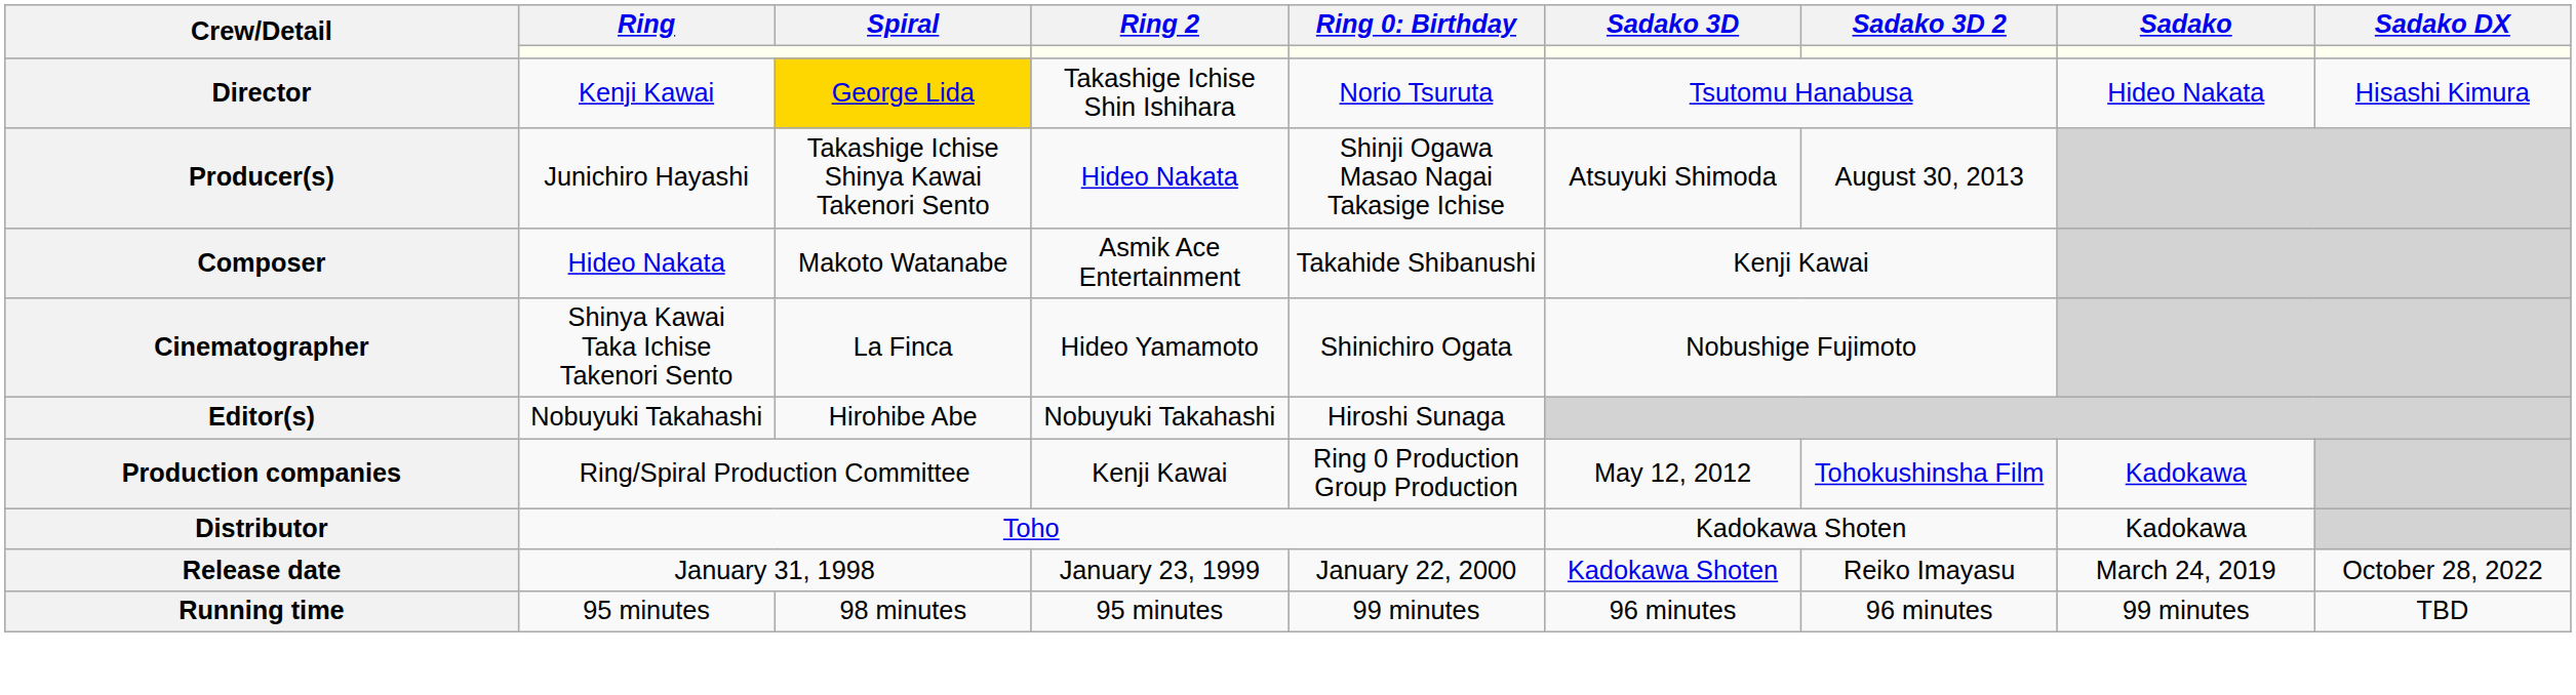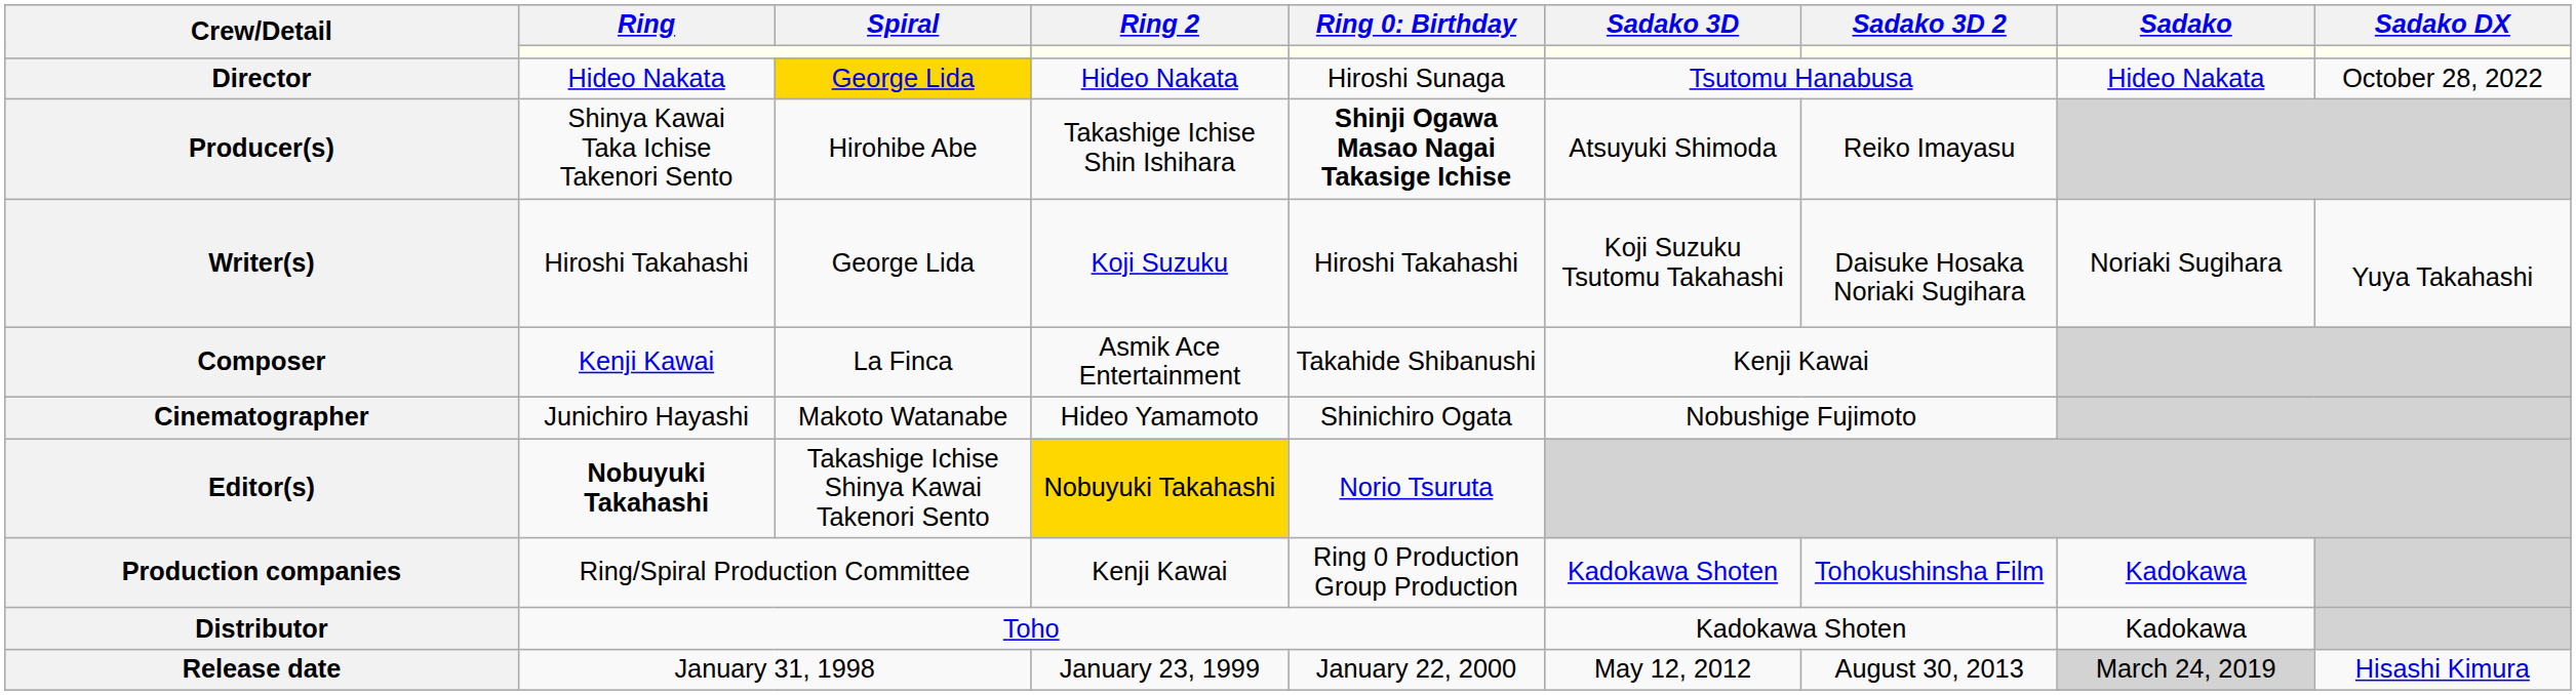 <table class="wikitable" style="text-align:center; width:100%">
 <tr>
 <th rowspan="2">Crew/Detail</th>
 <th style="width:10%;"><a href='#'><em>Ring</em></a></th>
 <th style="width:10%;"><a href='#'><em>Spiral</em></a></th>
 <th style="width:10%;"><em><a href='#'>Ring 2</a></em></th>
 <th style="width:10%;"><em><a href='#'>Ring 0: Birthday</a></em></th>
 <th style="width:10%;"><em><a href='#'>Sadako 3D</a></em></th>
 <th style="width:10%;"><em><a href='#'>Sadako 3D 2</a></em></th>
 <th style="width:10%;"><a href='#'><em>Sadako</em></a></th>
 <th style="width:10%;"><em><a href='#'>Sadako DX</a></em></th>
 </tr>
 <tr>
 <th colspan="2" style="background-color:ivory;"></th>
 <th style="background-color:ivory;"></th>
 <th style="background:ivory;"></th>
 <th style="background:ivory;"></th>
 <th style="background:ivory;"></th>
 <th style="background:ivory;"></th>
 <th style="background:ivory;"></th>
 </tr>
 <tr>
 <th>Director</th>
-<td align="center"><a href='#'>Kenji Kawai</a></td>
+<td align="center"><a href='#'>Hideo Nakata</a></td>
 <td align="center" style="background: gold;"><a href='#'>George Lida</a></td>
-<td>Takashige Ichise<br>Shin Ishihara</td>
-<td><a href='#'>Norio Tsuruta</a></td>
+<td align="center"><a href='#'>Hideo Nakata</a></td>
+<td>Hiroshi Sunaga</td>
 <td colspan="2"><a href='#'>Tsutomu Hanabusa</a></td>
 <td><a href='#'>Hideo Nakata</a></td>
-<td><a href='#'>Hisashi Kimura</a></td>
+<td>October 28, 2022</td>
 </tr>
 <tr>
 <th>Producer(s)</th>
-<td align="center">Junichiro Hayashi</td>
-<td>Takashige Ichise<br>Shinya Kawai<br>Takenori Sento</td>
-<td align="center"><a href='#'>Hideo Nakata</a></td>
-<td>Shinji Ogawa<br>Masao Nagai<br>Takasige Ichise</td>
+<td align="center">Shinya Kawai<br>Taka Ichise<br>Takenori Sento</td>
+<td align="center">Hirohibe Abe</td>
+<td>Takashige Ichise<br>Shin Ishihara</td>
+<td><strong>Shinji Ogawa<br>Masao Nagai<br>Takasige Ichise</strong></td>
 <td>Atsuyuki Shimoda</td>
-<td>August 30, 2013</td>
+<td>Reiko Imayasu</td>
 <td colspan="2" style="background:lightgrey;"> </td>
 </tr>
 <tr>
+<th>Writer(s)</th>
+<td align="center"><br>Hiroshi Takahashi<br><br></td>
+<td align="center"><br>George Lida<br><br></td>
+<td align="center"> <a href='#'>Koji Suzuku</a></td>
+<td><br>Hiroshi Takahashi<br><br></td>
+<td><br>Koji Suzuku<br>Tsutomu Takahashi<br><br></td>
+<td><br>Daisuke Hosaka<br>Noriaki Sugihara <br></td>
+<td><br>Noriaki Sugihara<br><br></td>
+<td><br>Yuya Takahashi</td>
+</tr>
+<tr>
 <th>Composer</th>
-<td align="center"><a href='#'>Hideo Nakata</a></td>
-<td align="center">Makoto Watanabe</td>
+<td align="center"><a href='#'>Kenji Kawai</a></td>
+<td align="center">La Finca</td>
 <td align="center">Asmik Ace Entertainment</td>
 <td>Takahide Shibanushi</td>
 <td colspan="2">Kenji Kawai</td>
 <td colspan="2" style="background:lightgrey;"> </td>
 </tr>
 <tr>
 <th>Cinematographer</th>
-<td align="center">Shinya Kawai<br>Taka Ichise<br>Takenori Sento</td>
-<td align="center">La Finca</td>
+<td align="center">Junichiro Hayashi</td>
+<td align="center">Makoto Watanabe</td>
 <td align="center">Hideo Yamamoto</td>
 <td>Shinichiro Ogata</td>
 <td colspan="2">Nobushige Fujimoto</td>
 <td colspan="2" style="background:lightgrey;"> </td>
 </tr>
 <tr>
 <th>Editor(s)</th>
-<td align="center">Nobuyuki Takahashi</td>
-<td align="center">Hirohibe Abe</td>
-<td align="center">Nobuyuki Takahashi</td>
-<td>Hiroshi Sunaga</td>
+<td align="center"><strong>Nobuyuki Takahashi</strong></td>
+<td>Takashige Ichise<br>Shinya Kawai<br>Takenori Sento</td>
+<td align="center" style="background: gold;">Nobuyuki Takahashi</td>
+<td><a href='#'>Norio Tsuruta</a></td>
 <td colspan="4" style="background:lightgrey;"> </td>
 </tr>
 <tr>
 <th>Production companies</th>
 <td colspan="2" align="center">Ring/Spiral Production Committee</td>
 <td align="center">Kenji Kawai</td>
 <td>Ring 0 Production Group Production</td>
-<td>May 12, 2012</td>
+<td><a href='#'>Kadokawa Shoten</a></td>
 <td><a href='#'>Tohokushinsha Film</a></td>
 <td><a href='#'>Kadokawa</a></td>
 <td style="background:lightgrey;"> </td>
 </tr>
 <tr>
 <th>Distributor</th>
 <td colspan="4" align="center"><a href='#'>Toho</a></td>
 <td colspan="2">Kadokawa Shoten</td>
 <td>Kadokawa</td>
 <td style="background:lightgrey;"> </td>
 </tr>
 <tr>
 <th>Release date</th>
 <td colspan="2" align="center">January 31, 1998</td>
 <td align="center">January 23, 1999</td>
 <td>January 22, 2000</td>
-<td><a href='#'>Kadokawa Shoten</a></td>
-<td>Reiko Imayasu</td>
-<td>March 24, 2019</td>
-<td>October 28, 2022</td>
-</tr>
-<tr>
-<th>Running time</th>
-<td align="center">95 minutes</td>
-<td align="center">98 minutes</td>
-<td align="center">95 minutes</td>
-<td>99 minutes</td>
-<td>96 minutes</td>
-<td>96 minutes</td>
-<td>99 minutes</td>
-<td>TBD</td>
+<td>May 12, 2012</td>
+<td>August 30, 2013</td>
+<td style="background: lightgrey;">March 24, 2019</td>
+<td><a href='#'>Hisashi Kimura</a></td>
 </tr>
 </table>
